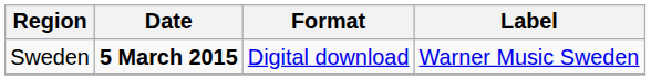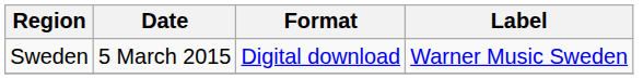 <table class=wikitable>
 <tr>
 <th>Region</th>
 <th>Date</th>
 <th>Format</th>
 <th>Label</th>
 </tr>
 <tr>
 <td>Sweden</td>
-<td><strong>5 March 2015</strong></td>
+<td>5 March 2015</td>
 <td><a href='#'>Digital download</a></td>
 <td><a href='#'>Warner Music Sweden</a></td>
 </tr>
 <tr>
 </tr>
 </table>
